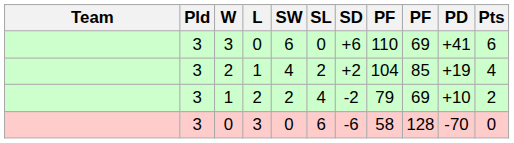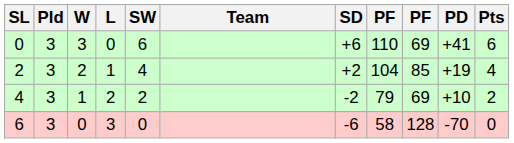 <table class="wikitable" style="text-align:center">
 <tr>
-<th width="160">Team</th>
+<th width="20">SL</th>
 <th width="20">Pld</th>
 <th width="20">W</th>
 <th width="20">L</th>
 <th width="20">SW</th>
-<th width="20">SL</th>
+<th width="160">Team</th>
 <th width="20">SD</th>
 <th width="20">PF</th>
 <th width="20">PF</th>
 <th width="20">PD</th>
 <th width="20">Pts</th>
 </tr>
 <tr bgcolor="ccffcc">
-<td align="left"></td>
+<td>0</td>
 <td>3</td>
 <td>3</td>
 <td>0</td>
 <td>6</td>
-<td>0</td>
+<td align="left"></td>
 <td>+6</td>
 <td>110</td>
 <td>69</td>
 <td>+41</td>
 <td>6</td>
 </tr>
 <tr bgcolor="ccffcc">
-<td align="left"></td>
+<td>2</td>
 <td>3</td>
 <td>2</td>
 <td>1</td>
 <td>4</td>
-<td>2</td>
+<td align="left"></td>
 <td>+2</td>
 <td>104</td>
 <td>85</td>
 <td>+19</td>
 <td>4</td>
 </tr>
 <tr bgcolor="ccffcc">
-<td align="left"></td>
+<td>4</td>
 <td>3</td>
 <td>1</td>
 <td>2</td>
 <td>2</td>
-<td>4</td>
+<td align="left"></td>
 <td>-2</td>
 <td>79</td>
 <td>69</td>
 <td>+10</td>
 <td>2</td>
 </tr>
 <tr bgcolor="ffcccc">
-<td align="left"></td>
+<td>6</td>
 <td>3</td>
 <td>0</td>
 <td>3</td>
 <td>0</td>
-<td>6</td>
+<td align="left"></td>
 <td>-6</td>
 <td>58</td>
 <td>128</td>
 <td>-70</td>
 <td>0</td>
 </tr>
 </table>
